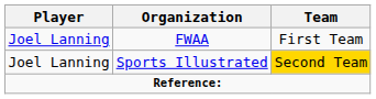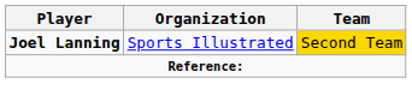 <table class="wikitable" style="text-align: center">
 <tr align=center>
 <th>Player</th>
 <th>Organization</th>
 <th>Team</th>
 </tr>
 <tr>
-<td><a href='#'>Joel Lanning</a></td>
-<td><a href='#'>FWAA</a></td>
-<td>First Team</td>
-</tr>
-<tr>
-<td>Joel Lanning</td>
+<td><strong>Joel Lanning</strong></td>
 <td><a href='#'>Sports Illustrated</a></td>
 <td style="background: gold;">Second Team</td>
 </tr>
 <tr>
 <td colspan="3"  style="font-size:8pt; text-align:center;"><strong>Reference:</strong></td>
 </tr>
 </table>
